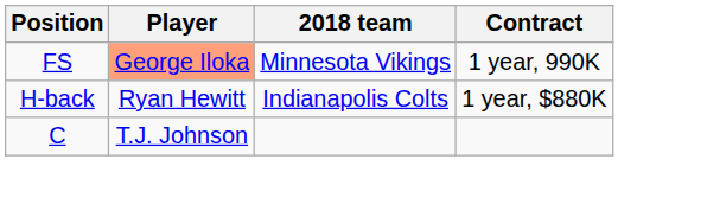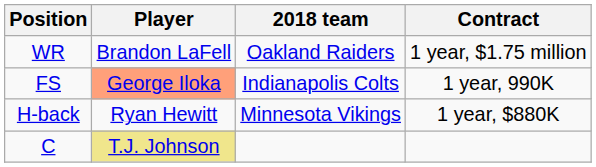 <table class="wikitable" style="text-align:center">
 <tr>
 <th>Position</th>
 <th>Player</th>
 <th>2018 team</th>
 <th>Contract</th>
 </tr>
 <tr>
+<td><a href='#'>WR</a></td>
+<td><a href='#'>Brandon LaFell</a></td>
+<td><a href='#'>Oakland Raiders</a></td>
+<td>1 year, $1.75 million</td>
+</tr>
+<tr>
 <td><a href='#'>FS</a></td>
 <td style="background: lightsalmon;"><a href='#'>George Iloka</a></td>
-<td><a href='#'>Minnesota Vikings</a></td>
+<td><a href='#'>Indianapolis Colts</a></td>
 <td>1 year, 990K</td>
 </tr>
 <tr>
 <td><a href='#'>H-back</a></td>
 <td><a href='#'>Ryan Hewitt</a></td>
-<td><a href='#'>Indianapolis Colts</a></td>
+<td><a href='#'>Minnesota Vikings</a></td>
 <td>1 year, $880K</td>
 </tr>
 <tr>
 <td><a href='#'>C</a></td>
-<td><a href='#'>T.J. Johnson</a></td>
+<td style="background: khaki;"><a href='#'>T.J. Johnson</a></td>
 <td></td>
 <td></td>
 </tr>
 </table>
